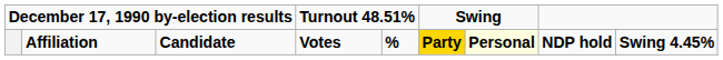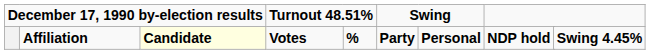 <table class="wikitable">
 <tr>
 <td colspan="3" align=center><strong>December 17, 1990 by-election results</strong></td>
 <td colspan="2"><strong>Turnout 48.51%</strong></td>
 <td colspan="2" align=center><strong>Swing</strong></td>
 </tr>
 <tr>
 <th style="width: 10px;"></th>
 <td><strong>Affiliation</strong></td>
-<td><strong>Candidate</strong></td>
+<td style="background: lightyellow;"><strong>Candidate</strong></td>
 <td><strong>Votes</strong></td>
 <td><strong>%</strong></td>
-<td style="background: gold;"><strong>Party</strong></td>
-<td style="background: lightyellow;"><strong>Personal</strong><br>        </td>
+<td><strong>Party</strong></td>
+<td><strong>Personal</strong><br>        </td>
 <td colspan=4><strong>NDP hold</strong></td>
 <td colspan=2><strong>Swing 4.45%</strong></td>
 </tr>
 </table>
